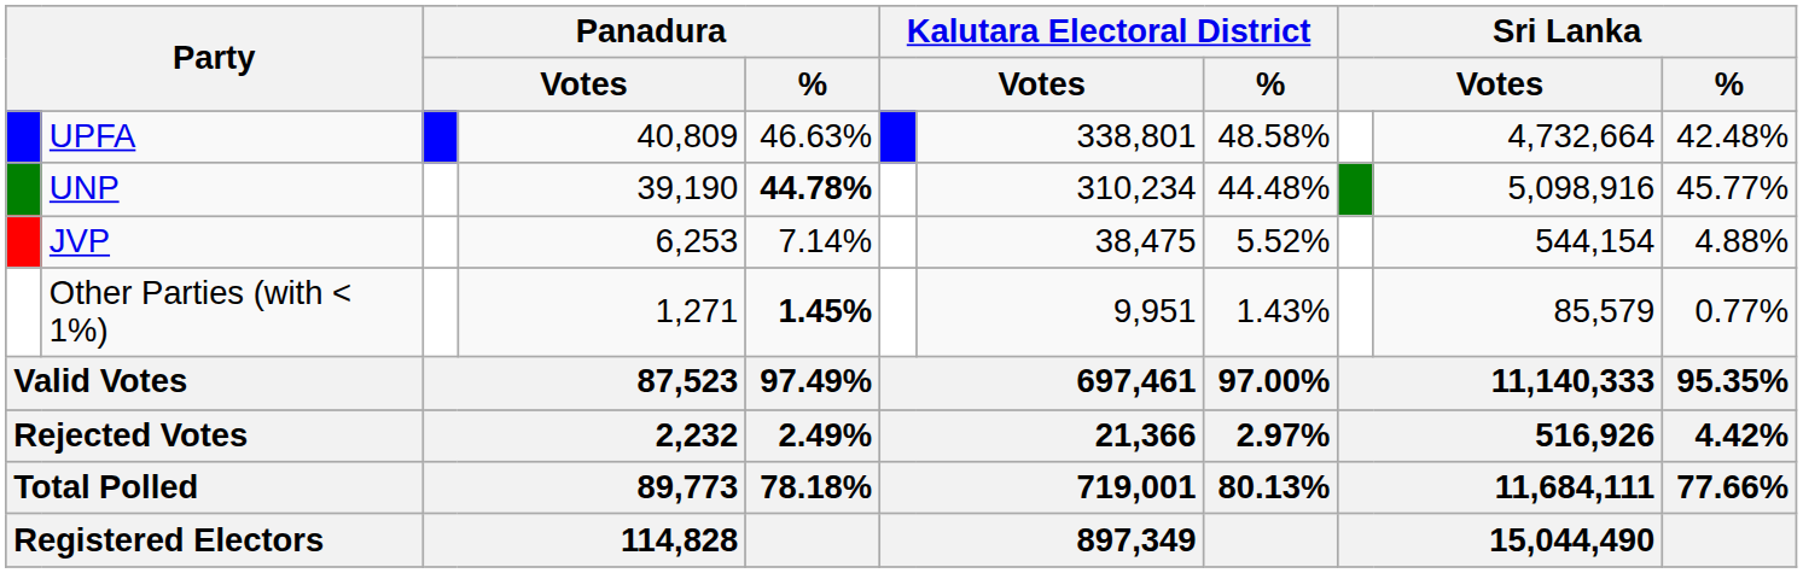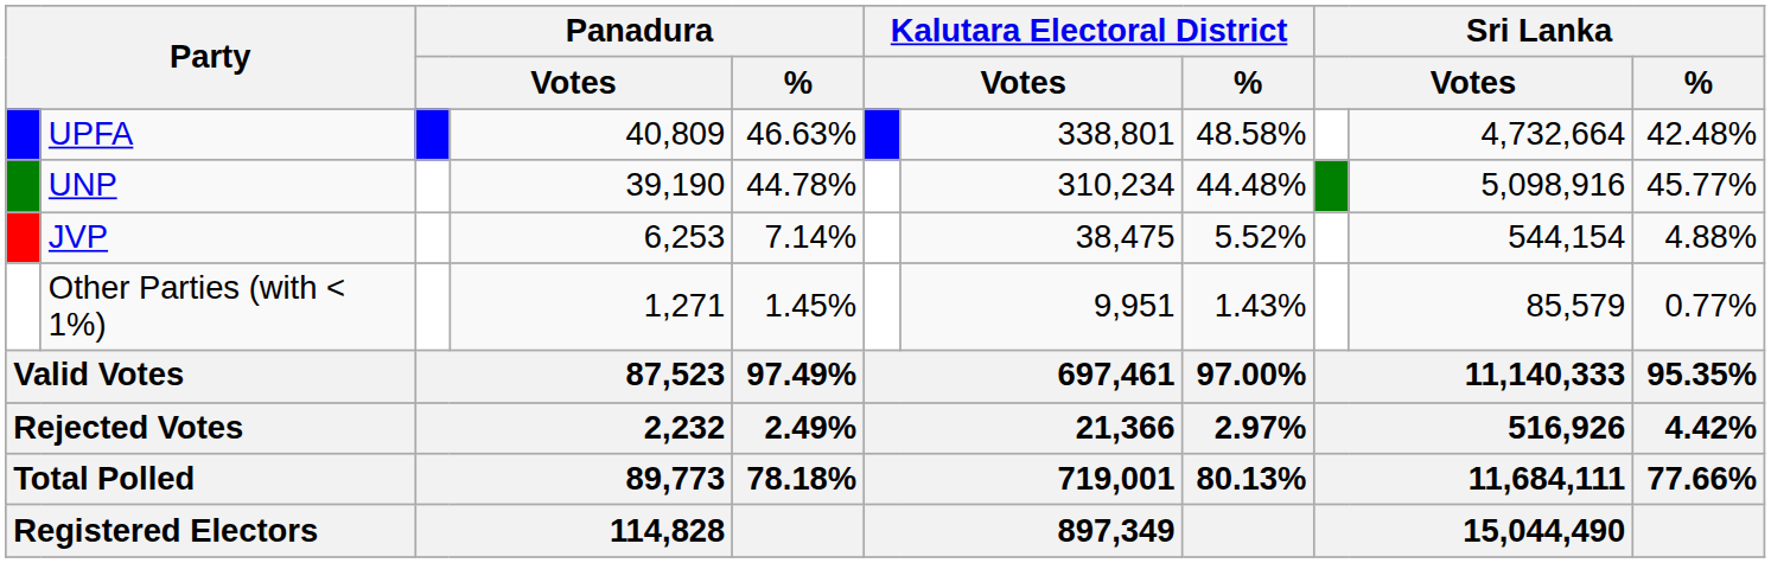 <table class="wikitable">
 <tr>
 <th colspan="2" width="144px"rowspan="2">Party</th>
 <th colspan="3" width="216px">Panadura</th>
 <th colspan="3" width="216px"><a href='#'>Kalutara Electoral District</a></th>
 <th colspan="3" width="216px">Sri Lanka</th>
 </tr>
 <tr>
 <th colspan="2" width="144px">Votes</th>
 <th>%</th>
 <th colspan="2" width="144px">Votes</th>
 <th>%</th>
 <th colspan="2" width="144px">Votes</th>
 <th>%</th>
 </tr>
 <tr>
 <td style="background-color:blue;" width="10px"></td>
 <td style="text-align:left;"><a href='#'>UPFA</a></td>
 <td style="background-color:blue;" width="10px"></td>
 <td style="text-align:right;">40,809</td>
 <td style="text-align:right;">46.63%</td>
 <td style="background-color:blue;" width="10px"></td>
 <td style="text-align:right;">338,801</td>
 <td style="text-align:right;">48.58%</td>
 <td style="background-color:white;" width="10px"></td>
 <td style="text-align:right;">4,732,664</td>
 <td style="text-align:right;">42.48%</td>
 </tr>
 <tr>
 <td style="background-color:green;" width="10px"></td>
 <td style="text-align:left;"><a href='#'>UNP</a></td>
 <td style="background-color:white;" width="10px"></td>
 <td style="text-align:right;">39,190</td>
-<td style="text-align:right;"><strong>44.78%</strong></td>
+<td style="text-align:right;">44.78%</td>
 <td style="background-color:white;" width="10px"></td>
 <td style="text-align:right;">310,234</td>
 <td style="text-align:right;">44.48%</td>
 <td style="background-color:green;" width="10px"></td>
 <td style="text-align:right;">5,098,916</td>
 <td style="text-align:right;">45.77%</td>
 </tr>
 <tr>
 <td style="background-color:red;" width="10px"></td>
 <td style="text-align:left;"><a href='#'>JVP</a></td>
 <td style="background-color:white;" width="10px"></td>
 <td style="text-align:right;">6,253</td>
 <td style="text-align:right;">7.14%</td>
 <td style="background-color:white;" width="10px"></td>
 <td style="text-align:right;">38,475</td>
 <td style="text-align:right;">5.52%</td>
 <td style="background-color:white;" width="10px"></td>
 <td style="text-align:right;">544,154</td>
 <td style="text-align:right;">4.88%</td>
 </tr>
 <tr>
 <td style="background-color:white;" width="10px"></td>
 <td style="text-align:left;">Other Parties (with < 1%)</td>
 <td style="background-color:white;" width="10px"></td>
 <td style="text-align:right;">1,271</td>
-<td style="text-align:right;"><strong>1.45%</strong></td>
+<td style="text-align:right;">1.45%</td>
 <td style="background-color:white;" width="10px"></td>
 <td style="text-align:right;">9,951</td>
 <td style="text-align:right;">1.43%</td>
 <td style="background-color:white;" width="10px"></td>
 <td style="text-align:right;">85,579</td>
 <td style="text-align:right;">0.77%</td>
 </tr>
 <tr>
 <th colspan="2" width="144px"style="text-align:left;">Valid Votes</th>
 <th style="text-align:right;"colspan="2" width="144px">87,523</th>
 <th style="text-align:right;">97.49%</th>
 <th style="text-align:right;"colspan="2" width="144px">697,461</th>
 <th style="text-align:right;">97.00%</th>
 <th style="text-align:right;"colspan="2" width="144px">11,140,333</th>
 <th style="text-align:right;">95.35%</th>
 </tr>
 <tr>
 <th colspan="2" width="144px"style="text-align:left;">Rejected Votes</th>
 <th style="text-align:right;"colspan="2" width="144px">2,232</th>
 <th style="text-align:right;">2.49%</th>
 <th style="text-align:right;"colspan="2" width="144px">21,366</th>
 <th style="text-align:right;">2.97%</th>
 <th style="text-align:right;"colspan="2" width="144px">516,926</th>
 <th style="text-align:right;">4.42%</th>
 </tr>
 <tr>
 <th colspan="2" width="144px"style="text-align:left;">Total Polled</th>
 <th style="text-align:right;"colspan="2" width="144px">89,773</th>
 <th style="text-align:right;">78.18%</th>
 <th style="text-align:right;"colspan="2" width="144px">719,001</th>
 <th style="text-align:right;">80.13%</th>
 <th style="text-align:right;"colspan="2" width="144px">11,684,111</th>
 <th style="text-align:right;">77.66%</th>
 </tr>
 <tr>
 <th colspan="2" width="144px"style="text-align:left;">Registered Electors</th>
 <th style="text-align:right;"colspan="2" width="144px">114,828</th>
 <th></th>
 <th style="text-align:right;"colspan="2" width="144px">897,349</th>
 <th></th>
 <th style="text-align:right;"colspan="2" width="144px">15,044,490</th>
 <th></th>
 </tr>
 </table>
